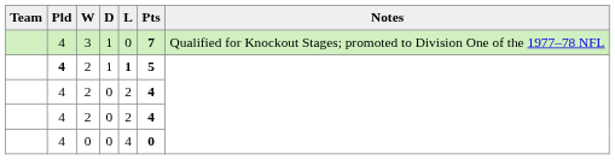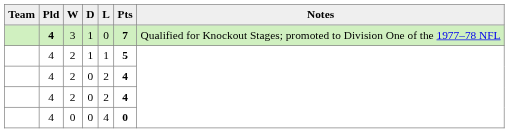 <table style=border-collapse:collapse border=1 cellspacing=0 cellpadding=5>
 <tr align=center bgcolor=#efefef>
 <th>Team</th>
 <th>Pld</th>
 <th>W</th>
 <th>D</th>
 <th>L</th>
 <th>Pts</th>
 <th>Notes</th>
 </tr>
 <tr align=center style="background:#D0F0C0;">
 <td style="text-align:left;"> </td>
-<td>4</td>
+<td><strong>4</strong></td>
 <td>3</td>
 <td>1</td>
 <td>0</td>
 <td><strong>7</strong></td>
 <td rowspan=1>Qualified for Knockout Stages; promoted to Division One of the <a href='#'>1977–78 NFL</a></td>
 </tr>
 <tr align=center style="background:#FFFFFF;">
 <td style="text-align:left;"> </td>
-<td><strong>4</strong></td>
+<td>4</td>
 <td>2</td>
 <td>1</td>
-<td><strong>1</strong></td>
+<td>1</td>
 <td><strong>5</strong></td>
 <td rowspan=4></td>
 </tr>
 <tr align=center style="background:#FFFFFF;">
 <td style="text-align:left;"> </td>
 <td>4</td>
 <td>2</td>
 <td>0</td>
 <td>2</td>
 <td><strong>4</strong></td>
 </tr>
 <tr align=center style="background:#FFFFFF;">
 <td style="text-align:left;"> </td>
 <td>4</td>
 <td>2</td>
 <td>0</td>
 <td>2</td>
 <td><strong>4</strong></td>
 </tr>
 <tr align=center style="background:#FFFFFF;">
 <td style="text-align:left;"> </td>
 <td>4</td>
 <td>0</td>
 <td>0</td>
 <td>4</td>
 <td><strong>0</strong></td>
 </tr>
 </table>
